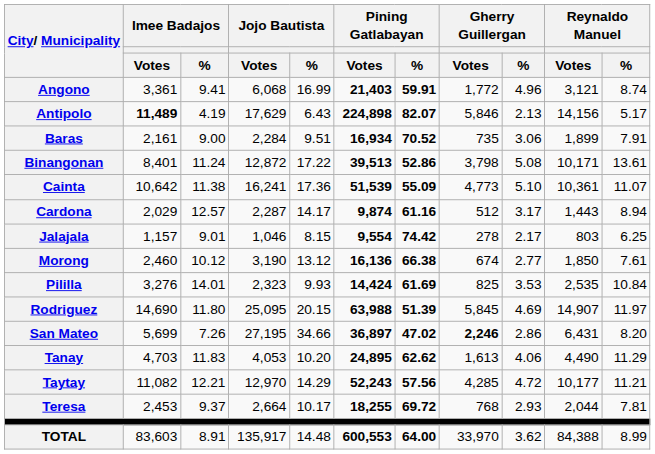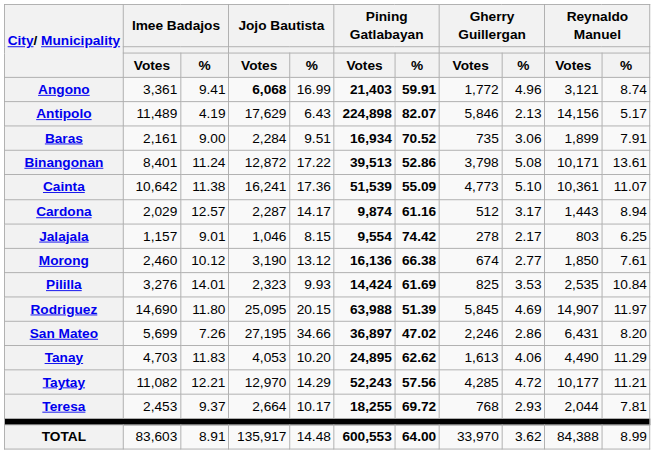 <table class="wikitable collapsible collapsed" style="text-align:right; font-size:95%; line-height:20px;">
 <tr>
 <th width="125" rowspan="3"><a href='#'>City</a>/ <a href='#'>Municipality</a></th>
 <th width="110" colspan="2">Imee Badajos</th>
 <th width="110" colspan="2">Jojo Bautista</th>
 <th width="110" colspan="2">Pining Gatlabayan</th>
 <th width="110" colspan="2">Gherry Guillergan</th>
 <th width="110" colspan="2">Reynaldo Manuel</th>
 </tr>
 <tr>
 <th colspan="2" style="background:"></th>
 <th colspan="2" style="background:"></th>
 <th colspan="2" style="background:"></th>
 <th colspan="2" style="background:"></th>
 <th colspan="2" style="background:"></th>
 </tr>
 <tr>
 <th>Votes</th>
 <th>%</th>
 <th>Votes</th>
 <th>%</th>
 <th>Votes</th>
 <th>%</th>
 <th>Votes</th>
 <th>%</th>
 <th>Votes</th>
 <th>%</th>
 </tr>
 <tr>
 <th scope="row"><a href='#'>Angono</a></th>
 <td>3,361</td>
 <td>9.41</td>
-<td>6,068</td>
+<td><strong>6,068</strong></td>
 <td>16.99</td>
 <td style="background:"><strong>21,403</strong></td>
 <td style="background:"><strong>59.91</strong></td>
 <td>1,772</td>
 <td>4.96</td>
 <td>3,121</td>
 <td>8.74</td>
 </tr>
 <tr>
 <th scope="row"><a href='#'>Antipolo</a></th>
-<td><strong>11,489</strong></td>
+<td>11,489</td>
 <td>4.19</td>
 <td>17,629</td>
 <td>6.43</td>
 <td style="background:"><strong>224,898</strong></td>
 <td style="background:"><strong>82.07</strong></td>
 <td>5,846</td>
 <td>2.13</td>
 <td>14,156</td>
 <td>5.17</td>
 </tr>
 <tr>
 <th scope="row"><a href='#'>Baras</a></th>
 <td>2,161</td>
 <td>9.00</td>
 <td>2,284</td>
 <td>9.51</td>
 <td style="background:"><strong>16,934</strong></td>
 <td style="background:"><strong>70.52</strong></td>
 <td>735</td>
 <td>3.06</td>
 <td>1,899</td>
 <td>7.91</td>
 </tr>
 <tr>
 <th scope="row"><a href='#'>Binangonan</a></th>
 <td>8,401</td>
 <td>11.24</td>
 <td>12,872</td>
 <td>17.22</td>
 <td style="background:"><strong>39,513</strong></td>
 <td style="background:"><strong>52.86</strong></td>
 <td>3,798</td>
 <td>5.08</td>
 <td>10,171</td>
 <td>13.61</td>
 </tr>
 <tr>
 <th scope="row"><a href='#'>Cainta</a></th>
 <td>10,642</td>
 <td>11.38</td>
 <td>16,241</td>
 <td>17.36</td>
 <td style="background:"><strong>51,539</strong></td>
 <td style="background:"><strong>55.09</strong></td>
 <td>4,773</td>
 <td>5.10</td>
 <td>10,361</td>
 <td>11.07</td>
 </tr>
 <tr>
 <th scope="row"><a href='#'>Cardona</a></th>
 <td>2,029</td>
 <td>12.57</td>
 <td>2,287</td>
 <td>14.17</td>
 <td style="background:"><strong>9,874</strong></td>
 <td style="background:"><strong>61.16</strong></td>
 <td>512</td>
 <td>3.17</td>
 <td>1,443</td>
 <td>8.94</td>
 </tr>
 <tr>
 <th scope="row"><a href='#'>Jalajala</a></th>
 <td>1,157</td>
 <td>9.01</td>
 <td>1,046</td>
 <td>8.15</td>
 <td style="background:"><strong>9,554</strong></td>
 <td style="background:"><strong>74.42</strong></td>
 <td>278</td>
 <td>2.17</td>
 <td>803</td>
 <td>6.25</td>
 </tr>
 <tr>
 <th scope="row"><a href='#'>Morong</a></th>
 <td>2,460</td>
 <td>10.12</td>
 <td>3,190</td>
 <td>13.12</td>
 <td style="background:"><strong>16,136</strong></td>
 <td style="background:"><strong>66.38</strong></td>
 <td>674</td>
 <td>2.77</td>
 <td>1,850</td>
 <td>7.61</td>
 </tr>
 <tr>
 <th scope="row"><a href='#'>Pililla</a></th>
 <td>3,276</td>
 <td>14.01</td>
 <td>2,323</td>
 <td>9.93</td>
 <td style="background:"><strong>14,424</strong></td>
 <td style="background:"><strong>61.69</strong></td>
 <td>825</td>
 <td>3.53</td>
 <td>2,535</td>
 <td>10.84</td>
 </tr>
 <tr>
 <th scope="row"><a href='#'>Rodriguez</a></th>
 <td>14,690</td>
 <td>11.80</td>
 <td>25,095</td>
 <td>20.15</td>
 <td style="background:"><strong>63,988</strong></td>
 <td style="background:"><strong>51.39</strong></td>
 <td>5,845</td>
 <td>4.69</td>
 <td>14,907</td>
 <td>11.97</td>
 </tr>
 <tr>
 <th scope="row"><a href='#'>San Mateo</a></th>
 <td>5,699</td>
 <td>7.26</td>
 <td>27,195</td>
 <td>34.66</td>
 <td style="background:"><strong>36,897</strong></td>
 <td style="background:"><strong>47.02</strong></td>
-<td><strong>2,246</strong></td>
+<td>2,246</td>
 <td>2.86</td>
 <td>6,431</td>
 <td>8.20</td>
 </tr>
 <tr>
 <th scope="row"><a href='#'>Tanay</a></th>
 <td>4,703</td>
 <td>11.83</td>
 <td>4,053</td>
 <td>10.20</td>
 <td style="background:"><strong>24,895</strong></td>
 <td style="background:"><strong>62.62</strong></td>
 <td>1,613</td>
 <td>4.06</td>
 <td>4,490</td>
 <td>11.29</td>
 </tr>
 <tr>
 <th scope="row"><a href='#'>Taytay</a></th>
 <td>11,082</td>
 <td>12.21</td>
 <td>12,970</td>
 <td>14.29</td>
 <td style="background:"><strong>52,243</strong></td>
 <td style="background:"><strong>57.56</strong></td>
 <td>4,285</td>
 <td>4.72</td>
 <td>10,177</td>
 <td>11.21</td>
 </tr>
 <tr>
 <th scope="row"><a href='#'>Teresa</a></th>
 <td>2,453</td>
 <td>9.37</td>
 <td>2,664</td>
 <td>10.17</td>
 <td style="background:"><strong>18,255</strong></td>
 <td style="background:"><strong>69.72</strong></td>
 <td>768</td>
 <td>2.93</td>
 <td>2,044</td>
 <td>7.81</td>
 </tr>
 <tr>
 <td colspan=11 bgcolor=black></td>
 </tr>
 <tr>
 <th scope="row">TOTAL</th>
 <td>83,603</td>
 <td>8.91</td>
 <td>135,917</td>
 <td>14.48</td>
 <td style="background:"><strong>600,553</strong></td>
 <td style="background:"><strong>64.00</strong></td>
 <td>33,970</td>
 <td>3.62</td>
 <td>84,388</td>
 <td>8.99</td>
 </tr>
 </table>
